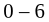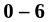 <table style="text-align:center">
 <tr>
 <th width=200></th>
 <th width=100></th>
 <th width=200></th>
 </tr>
 <tr>
 <td align=right></td>
-<td>0 – 6</td>
+<td><strong>0 – 6</strong></td>
 <td align=left><strong></strong></td>
 </tr>
 </table>
